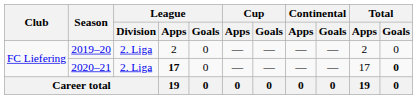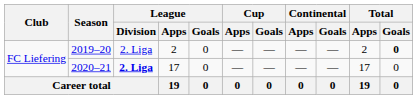 <table class=wikitable style=text-align:center>
 <tr>
 <th rowspan=2>Club</th>
 <th rowspan=2>Season</th>
 <th colspan=3>League</th>
 <th colspan=2>Cup</th>
 <th colspan=2>Continental</th>
 <th colspan=2>Total</th>
 </tr>
 <tr>
 <th>Division</th>
 <th>Apps</th>
 <th>Goals</th>
 <th>Apps</th>
 <th>Goals</th>
 <th>Apps</th>
 <th>Goals</th>
 <th>Apps</th>
 <th>Goals</th>
 </tr>
 <tr>
 <td rowspan=2><a href='#'>FC Liefering</a></td>
 <td><a href='#'>2019–20</a></td>
 <td><a href='#'>2. Liga</a></td>
 <td>2</td>
 <td>0</td>
 <td>—</td>
 <td>—</td>
 <td>—</td>
 <td>—</td>
 <td>2</td>
-<td>0</td>
+<td><strong>0</strong></td>
 </tr>
 <tr>
 <td><a href='#'>2020–21</a></td>
-<td><a href='#'>2. Liga</a></td>
-<td><strong>17</strong></td>
+<td><strong><a href='#'>2. Liga</a></strong></td>
+<td>17</td>
 <td>0</td>
 <td>—</td>
 <td>—</td>
 <td>—</td>
 <td>—</td>
 <td>17</td>
-<td><strong>0</strong></td>
+<td>0</td>
 </tr>
 <tr>
 <th colspan=3>Career total</th>
 <th>19</th>
 <th>0</th>
 <th>0</th>
 <th>0</th>
 <th>0</th>
 <th>0</th>
 <th>19</th>
 <th>0</th>
 </tr>
 </table>
